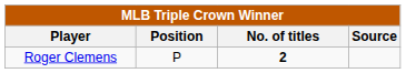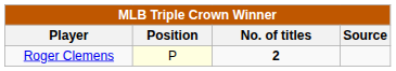 <table class="wikitable" style="text-align:center">
 <tr>
 <td colspan="5" style= "background: #BF5700; color:white"><strong>MLB Triple Crown Winner</strong></td>
 </tr>
 <tr>
 <th style="width:150px; ">Player</th>
 <th style="width:90px; ">Position</th>
 <th style="width:150px; ">No. of titles</th>
 <th style="width:50px; ">Source</th>
 </tr>
 <tr>
 <td><a href='#'>Roger Clemens</a></td>
-<td>P</td>
+<td style="background: lightyellow;">P</td>
 <td><strong>2</strong></td>
 <td></td>
 </tr>
 </table>
